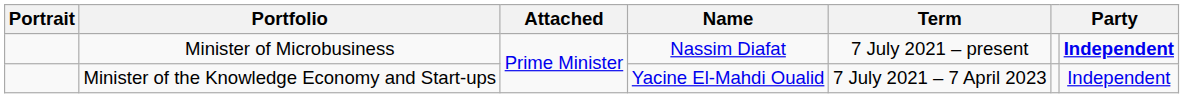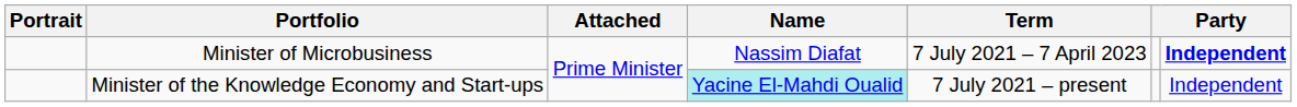 <table class="wikitable" style="text-align:center">
 <tr>
 <th>Portrait</th>
 <th>Portfolio</th>
 <th>Attached</th>
 <th>Name</th>
 <th>Term</th>
 <th colspan="2">Party</th>
 </tr>
 <tr>
 <td></td>
 <td>Minister of Microbusiness</td>
 <td rowspan="2"><a href='#'>Prime Minister</a></td>
 <td><a href='#'>Nassim Diafat</a></td>
-<td>7 July 2021 – present</td>
+<td>7 July 2021 – 7 April 2023</td>
 <td></td>
 <td><strong><a href='#'>Independent</a></strong></td>
 </tr>
 <tr>
 <td></td>
 <td>Minister of the Knowledge Economy and Start-ups</td>
-<td><a href='#'>Yacine El-Mahdi Oualid</a></td>
-<td>7 July 2021 – 7 April 2023</td>
+<td style="background: paleturquoise;"><a href='#'>Yacine El-Mahdi Oualid</a></td>
+<td>7 July 2021 – present</td>
 <td></td>
 <td><a href='#'>Independent</a></td>
 </tr>
 </table>
